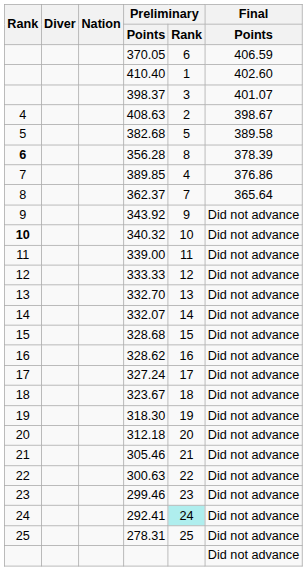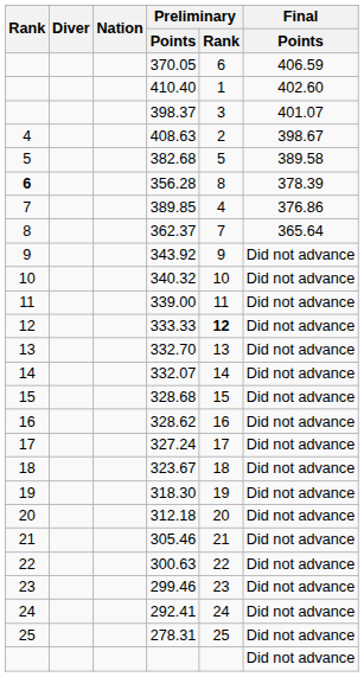 <table class="wikitable sortable" style="text-align:center;">
 <tr>
 <th rowspan=2>Rank</th>
 <th rowspan=2>Diver</th>
 <th rowspan=2>Nation</th>
 <th colspan=2>Preliminary</th>
 <th>Final</th>
 </tr>
 <tr>
 <th>Points</th>
 <th>Rank</th>
 <th>Points</th>
 </tr>
 <tr>
 <td></td>
 <td align=left></td>
 <td align=left></td>
 <td>370.05</td>
 <td>6</td>
 <td>406.59</td>
 </tr>
 <tr>
 <td></td>
 <td align=left></td>
 <td align=left></td>
 <td>410.40</td>
 <td>1</td>
 <td>402.60</td>
 </tr>
 <tr>
 <td></td>
 <td align=left></td>
 <td align=left></td>
 <td>398.37</td>
 <td>3</td>
 <td>401.07</td>
 </tr>
 <tr>
 <td>4</td>
 <td align=left></td>
 <td align=left></td>
 <td>408.63</td>
 <td>2</td>
 <td>398.67</td>
 </tr>
 <tr>
 <td>5</td>
 <td align=left></td>
 <td align=left></td>
 <td>382.68</td>
 <td>5</td>
 <td>389.58</td>
 </tr>
 <tr>
 <td><strong>6</strong></td>
 <td align=left></td>
 <td align=left></td>
 <td>356.28</td>
 <td>8</td>
 <td>378.39</td>
 </tr>
 <tr>
 <td>7</td>
 <td align=left></td>
 <td align=left></td>
 <td>389.85</td>
 <td>4</td>
 <td>376.86</td>
 </tr>
 <tr>
 <td>8</td>
 <td align=left></td>
 <td align=left></td>
 <td>362.37</td>
 <td>7</td>
 <td>365.64</td>
 </tr>
 <tr>
 <td>9</td>
 <td align=left></td>
 <td align=left></td>
 <td>343.92</td>
 <td>9</td>
 <td>Did not advance</td>
 </tr>
 <tr>
-<td><strong>10</strong></td>
+<td>10</td>
 <td align=left></td>
 <td align=left></td>
 <td>340.32</td>
 <td>10</td>
 <td>Did not advance</td>
 </tr>
 <tr>
 <td>11</td>
 <td align=left></td>
 <td align=left></td>
 <td>339.00</td>
 <td>11</td>
 <td>Did not advance</td>
 </tr>
 <tr>
 <td>12</td>
 <td align=left></td>
 <td align=left></td>
 <td>333.33</td>
-<td>12</td>
+<td><strong>12</strong></td>
 <td>Did not advance</td>
 </tr>
 <tr>
 <td>13</td>
 <td align=left></td>
 <td align=left></td>
 <td>332.70</td>
 <td>13</td>
 <td>Did not advance</td>
 </tr>
 <tr>
 <td>14</td>
 <td align=left></td>
 <td align=left></td>
 <td>332.07</td>
 <td>14</td>
 <td>Did not advance</td>
 </tr>
 <tr>
 <td>15</td>
 <td align=left></td>
 <td align=left></td>
 <td>328.68</td>
 <td>15</td>
 <td>Did not advance</td>
 </tr>
 <tr>
 <td>16</td>
 <td align=left></td>
 <td align=left></td>
 <td>328.62</td>
 <td>16</td>
 <td>Did not advance</td>
 </tr>
 <tr>
 <td>17</td>
 <td align=left></td>
 <td align=left></td>
 <td>327.24</td>
 <td>17</td>
 <td>Did not advance</td>
 </tr>
 <tr>
 <td>18</td>
 <td align=left></td>
 <td align=left></td>
 <td>323.67</td>
 <td>18</td>
 <td>Did not advance</td>
 </tr>
 <tr>
 <td>19</td>
 <td align=left></td>
 <td align=left></td>
 <td>318.30</td>
 <td>19</td>
 <td>Did not advance</td>
 </tr>
 <tr>
 <td>20</td>
 <td align=left></td>
 <td align=left></td>
 <td>312.18</td>
 <td>20</td>
 <td>Did not advance</td>
 </tr>
 <tr>
 <td>21</td>
 <td align=left></td>
 <td align=left></td>
 <td>305.46</td>
 <td>21</td>
 <td>Did not advance</td>
 </tr>
 <tr>
 <td>22</td>
 <td align=left></td>
 <td align=left></td>
 <td>300.63</td>
 <td>22</td>
 <td>Did not advance</td>
 </tr>
 <tr>
 <td>23</td>
 <td align=left></td>
 <td align=left></td>
 <td>299.46</td>
 <td>23</td>
 <td>Did not advance</td>
 </tr>
 <tr>
 <td>24</td>
 <td align=left></td>
 <td align=left></td>
 <td>292.41</td>
-<td style="background: paleturquoise;">24</td>
+<td>24</td>
 <td>Did not advance</td>
 </tr>
 <tr>
 <td>25</td>
 <td align=left></td>
 <td align=left></td>
 <td>278.31</td>
 <td>25</td>
 <td>Did not advance</td>
 </tr>
 <tr>
 <td></td>
 <td align=left></td>
 <td align=left></td>
 <td></td>
 <td></td>
 <td>Did not advance</td>
 </tr>
 </table>
